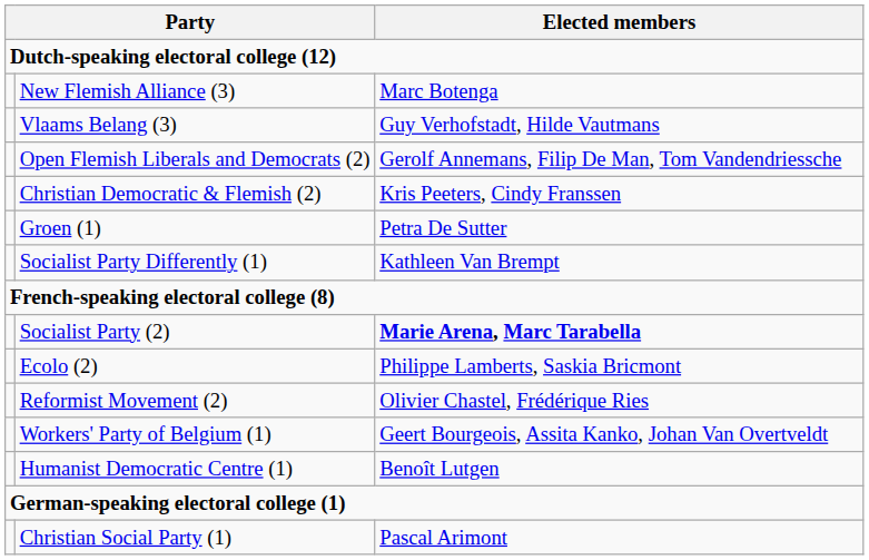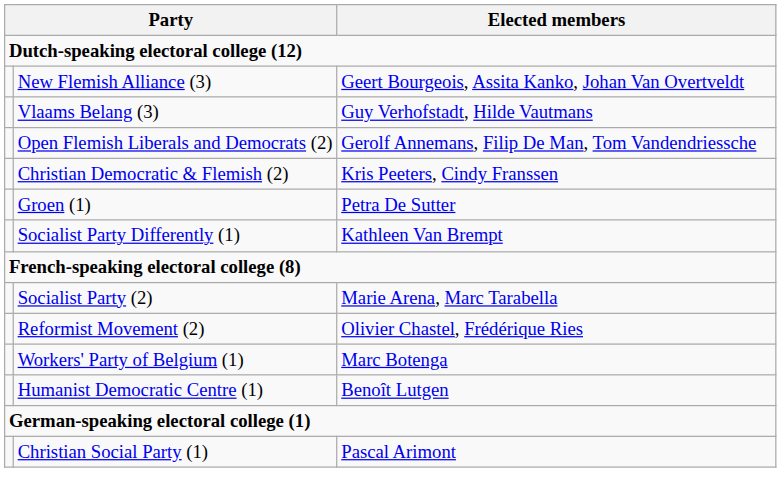 <table class="wikitable" style="font-size:95%;">
 <tr>
 <th colspan="2" style="width:175px;">Party</th>
 <th style="width:350px;">Elected members</th>
 </tr>
 <tr>
 <td colspan="3"><strong>Dutch-speaking electoral college (12)</strong></td>
 </tr>
 <tr>
 <td style="background-color: "></td>
 <td><a href='#'>New Flemish Alliance</a> (3)</td>
-<td><a href='#'>Marc Botenga</a></td>
+<td><a href='#'>Geert Bourgeois</a>, <a href='#'>Assita Kanko</a>, <a href='#'>Johan Van Overtveldt</a></td>
 </tr>
 <tr>
 <td style="background-color: "></td>
 <td><a href='#'>Vlaams Belang</a> (3)</td>
 <td><a href='#'>Guy Verhofstadt</a>, <a href='#'>Hilde Vautmans</a></td>
 </tr>
 <tr>
 <td style="background-color: "></td>
 <td><a href='#'>Open Flemish Liberals and Democrats</a> (2)</td>
 <td><a href='#'>Gerolf Annemans</a>, <a href='#'>Filip De Man</a>, <a href='#'>Tom Vandendriessche</a></td>
 </tr>
 <tr>
 <td style="background-color: "></td>
 <td><a href='#'>Christian Democratic & Flemish</a> (2)</td>
 <td><a href='#'>Kris Peeters</a>, <a href='#'>Cindy Franssen</a></td>
 </tr>
 <tr>
 <td style="background-color: "></td>
 <td><a href='#'>Groen</a> (1)</td>
 <td><a href='#'>Petra De Sutter</a></td>
 </tr>
 <tr>
 <td style="background-color: "></td>
 <td><a href='#'>Socialist Party Differently</a> (1)</td>
 <td><a href='#'>Kathleen Van Brempt</a></td>
 </tr>
 <tr>
 <td colspan="3"><strong>French-speaking electoral college (8)</strong></td>
 </tr>
 <tr>
 <td style="background-color: "></td>
 <td><a href='#'>Socialist Party</a> (2)</td>
-<td><strong><a href='#'>Marie Arena</a>, <a href='#'>Marc Tarabella</a></strong></td>
-</tr>
-<tr>
-<td style="background-color: "></td>
-<td><a href='#'>Ecolo</a> (2)</td>
-<td><a href='#'>Philippe Lamberts</a>, <a href='#'>Saskia Bricmont</a></td>
+<td><a href='#'>Marie Arena</a>, <a href='#'>Marc Tarabella</a></td>
 </tr>
 <tr>
 <td style="background-color: "></td>
 <td><a href='#'>Reformist Movement</a> (2)</td>
 <td><a href='#'>Olivier Chastel</a>, <a href='#'>Frédérique Ries</a></td>
 </tr>
 <tr>
 <td style="background-color: "></td>
 <td><a href='#'>Workers' Party of Belgium</a> (1)</td>
-<td><a href='#'>Geert Bourgeois</a>, <a href='#'>Assita Kanko</a>, <a href='#'>Johan Van Overtveldt</a></td>
+<td><a href='#'>Marc Botenga</a></td>
 </tr>
 <tr>
 <td style="background-color: "></td>
 <td><a href='#'>Humanist Democratic Centre</a> (1)</td>
 <td><a href='#'>Benoît Lutgen</a></td>
 </tr>
 <tr>
 <td colspan="3"><strong>German-speaking electoral college (1)</strong></td>
 </tr>
 <tr>
 <td style="background-color: "></td>
 <td><a href='#'>Christian Social Party</a> (1)</td>
 <td><a href='#'>Pascal Arimont</a></td>
 </tr>
 </table>
